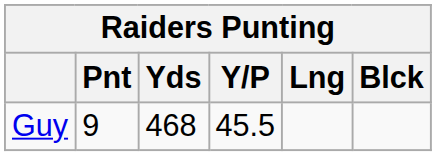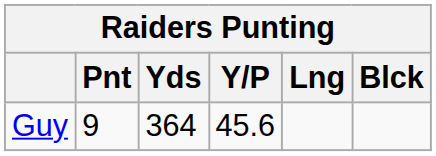 <table class="wikitable">
 <tr>
 <th colspan="6">Raiders Punting</th>
 </tr>
 <tr>
 <th></th>
 <th>Pnt</th>
 <th>Yds</th>
 <th>Y/P</th>
 <th>Lng</th>
 <th>Blck</th>
 </tr>
 <tr>
 <td><a href='#'>Guy</a></td>
 <td>9</td>
-<td>468</td>
-<td>45.5</td>
+<td>364</td>
+<td>45.6</td>
 <td></td>
 <td></td>
 </tr>
 </table>
